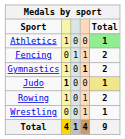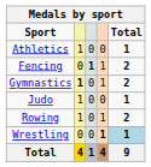 <table class=wikitable style="font-size:85%; float:right">
 <tr bgcolor=efefef>
 <th colspan=7>Medals by sport</th>
 </tr>
 <tr align=center>
 <td><strong>Sport</strong></td>
 <td bgcolor=f7f6a8></td>
 <td bgcolor=dce5e5></td>
 <td bgcolor=ffdab9></td>
 <td><strong>Total</strong></td>
 </tr>
 <tr align=center>
 <td><a href='#'>Athletics</a></td>
 <td bgcolor=F7F6A8>1</td>
 <td bgcolor=DCE5E5>0</td>
 <td bgcolor=FFDAB9>0</td>
-<td style="background: lightgreen;"><strong>1</strong></td>
+<td><strong>1</strong></td>
 </tr>
 <tr align=center>
 <td><a href='#'>Fencing</a></td>
 <td bgcolor=F7F6A8>0</td>
-<td bgcolor=DCE5E5>1</td>
+<td bgcolor=DCE5E5><strong>1</strong></td>
 <td bgcolor=FFDAB9>1</td>
 <td><strong>2</strong></td>
 </tr>
 <tr align=center>
 <td><a href='#'>Gymnastics</a></td>
-<td bgcolor=F7F6A8>1</td>
+<td bgcolor=F7F6A8><strong>1</strong></td>
 <td bgcolor=DCE5E5>0</td>
-<td bgcolor=FFDAB9><strong>1</strong></td>
+<td bgcolor=FFDAB9>1</td>
 <td><strong>2</strong></td>
 </tr>
 <tr align=center>
 <td><a href='#'>Judo</a></td>
-<td bgcolor=F7F6A8><strong>1</strong></td>
+<td bgcolor=F7F6A8>1</td>
 <td bgcolor=DCE5E5>0</td>
 <td bgcolor=FFDAB9>0</td>
-<td style="background: khaki;"><strong>1</strong></td>
+<td><strong>1</strong></td>
 </tr>
 <tr align=center>
 <td><a href='#'>Rowing</a></td>
 <td bgcolor=F7F6A8>1</td>
 <td bgcolor=DCE5E5>0</td>
 <td bgcolor=FFDAB9>1</td>
 <td><strong>2</strong></td>
 </tr>
 <tr align=center>
 <td><a href='#'>Wrestling</a></td>
 <td bgcolor=F7F6A8>0</td>
 <td bgcolor=DCE5E5>0</td>
-<td bgcolor=FFDAB9>1</td>
-<td><strong>1</strong></td>
+<td bgcolor=FFDAB9><strong>1</strong></td>
+<td style="background: lightblue;"><strong>1</strong></td>
 </tr>
 <tr align=center>
 <th>Total</th>
 <th style="background:gold">4</th>
 <th style="background:silver">1</th>
 <th style="background:#c96">4</th>
 <th>9</th>
 </tr>
 </table>
